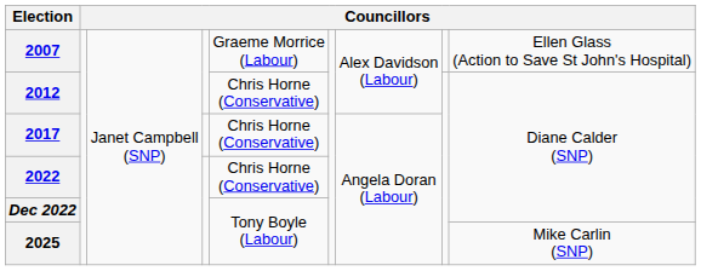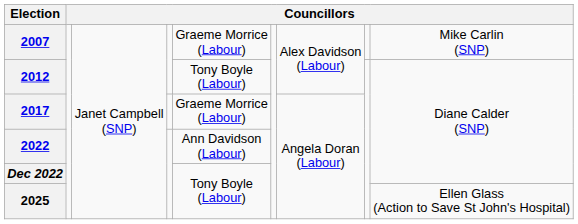 <table class="wikitable" style="text-align:center">
 <tr>
 <th>Election</th>
 <th colspan=9>Councillors</th>
 </tr>
 <tr>
 <th><a href='#'>2007</a></th>
 <td rowspan=6; style="background-color: "></td>
 <td rowspan="6">Janet Campbell<br>(<a href='#'>SNP</a>)</td>
 <td rowspan=2; style="background-color: "></td>
 <td rowspan=1>Graeme Morrice<br>(<a href='#'>Labour</a>)</td>
 <td rowspan=6; style="background-color: "></td>
 <td rowspan=2>Alex Davidson<br>(<a href='#'>Labour</a>)</td>
 <td rowspan=1; style="background-color: "></td>
-<td rowspan=1>Ellen Glass<br>(Action to Save St John's Hospital)</td>
+<td>Mike Carlin<br>(<a href='#'>SNP</a>)</td>
 </tr>
 <tr>
 <th><a href='#'>2012</a></th>
-<td rowspan=1>Chris Horne<br>(<a href='#'>Conservative</a>)</td>
+<td rowspan=1>Tony Boyle<br>(<a href='#'>Labour</a>)</td>
 <td rowspan=5; style="background-color: "></td>
 <td rowspan=4>Diane Calder<br>(<a href='#'>SNP</a>)</td>
 </tr>
 <tr>
 <th><a href='#'>2017</a></th>
 <td rowspan=1; style="background-color: "></td>
-<td rowspan=1>Chris Horne<br>(<a href='#'>Conservative</a>)</td>
+<td rowspan=1>Graeme Morrice<br>(<a href='#'>Labour</a>)</td>
 <td rowspan=4>Angela Doran<br>(<a href='#'>Labour</a>)</td>
 </tr>
 <tr>
 <th><a href='#'>2022</a></th>
 <td rowspan=3; style="background-color: "></td>
-<td rowspan=1>Chris Horne<br>(<a href='#'>Conservative</a>)</td>
+<td rowspan=1>Ann Davidson<br>(<a href='#'>Labour</a>)</td>
 </tr>
 <tr>
 <th><strong><em>Dec 2022</em></strong></th>
 <td rowspan=2>Tony Boyle<br>(<a href='#'>Labour</a>)</td>
 </tr>
 <tr>
 <th>2025</th>
-<td>Mike Carlin<br>(<a href='#'>SNP</a>)</td>
+<td rowspan=1>Ellen Glass<br>(Action to Save St John's Hospital)</td>
 </tr>
 </table>
